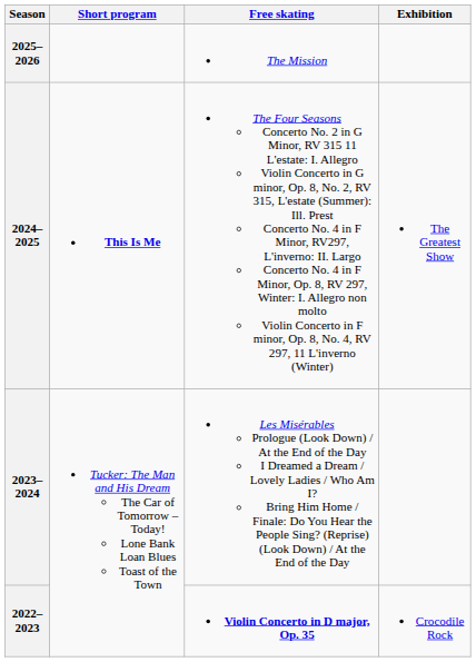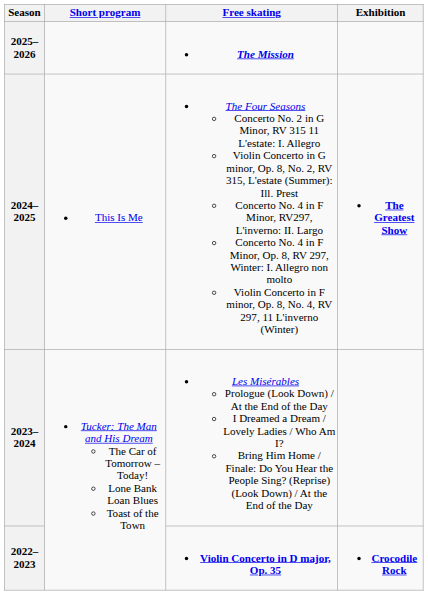 <table class=wikitable style=text-align:center>
 <tr>
 <th>Season</th>
 <th><a href='#'>Short program</a></th>
 <th><a href='#'>Free skating</a></th>
 <th>Exhibition</th>
 </tr>
 <tr>
 <th>2025–2026 <br> </th>
 <td></td>
-<td><br><ul><li><em><a href='#'>The Mission</a></em> <br></li></ul></td>
+<td><strong><br><ul><li><em><a href='#'>The Mission</a></em> <br></li></ul></strong></td>
 <td></td>
 </tr>
 <tr>
 <th>2024–2025 <br></th>
-<td><strong><br><ul><li><a href='#'>This Is Me</a> <br> </li></ul></strong></td>
+<td><br><ul><li><a href='#'>This Is Me</a> <br> </li></ul></td>
 <td><br><ul><li><em><a href='#'>The Four Seasons</a></em><ul><li>Concerto No. 2 in G Minor, RV 315 11 L'estate: I. Allegro</li><li>Violin Concerto in G minor, Op. 8, No. 2, RV 315, L'estate (Summer): Ill. Prest</li><li>Concerto No. 4 in F Minor, RV297, L'inverno: II. Largo</li><li>Concerto No. 4 in F Minor, Op. 8, RV 297, Winter: I. Allegro non molto</li><li>Violin Concerto in F minor, Op. 8, No. 4, RV 297, 11 L'inverno (Winter) <br></li></ul></li></ul></td>
-<td><br><ul><li><a href='#'>The Greatest Show</a> <br> </li></ul></td>
+<td><strong><br><ul><li><a href='#'>The Greatest Show</a> <br> </li></ul></strong></td>
 </tr>
 <tr>
 <th>2023–2024 <br></th>
 <td rowspan=2><br><ul><li><em><a href='#'>Tucker: The Man and His Dream</a></em><ul><li>The Car of Tomorrow – Today!</li><li>Lone Bank Loan Blues</li><li>Toast of the Town <br> </li></ul></li></ul></td>
 <td><br><ul><li><em><a href='#'>Les Misérables</a></em><ul><li>Prologue (Look Down) / At the End of the Day</li><li>I Dreamed a Dream / Lovely Ladies / Who Am I?</li><li>Bring Him Home / Finale: Do You Hear the People Sing? (Reprise) (Look Down) / At the End of the Day <br> </li></ul></li></ul></td>
 <td></td>
 </tr>
 <tr>
 <th>2022–2023 <br></th>
 <td><strong><br><ul><li><a href='#'>Violin Concerto in D major, Op. 35</a> <br> </li></ul></strong></td>
-<td><br><ul><li><a href='#'>Crocodile Rock</a> <br> </li></ul></td>
+<td><strong><br><ul><li><a href='#'>Crocodile Rock</a> <br> </li></ul></strong></td>
 </tr>
 </table>
